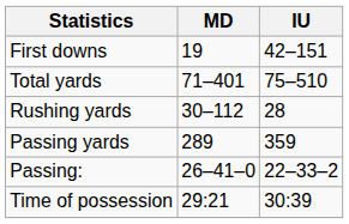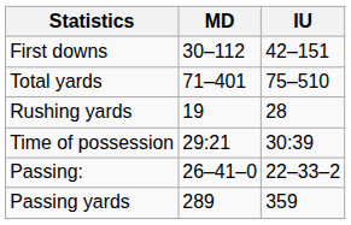 <table class="wikitable" style="float: left;">
 <tr>
 <th>Statistics</th>
 <th>MD</th>
 <th>IU</th>
 </tr>
 <tr>
 <td>First downs</td>
-<td>19</td>
+<td>30–112</td>
 <td>42–151</td>
 </tr>
 <tr>
 <td>Total yards</td>
 <td>71–401</td>
 <td>75–510</td>
 </tr>
 <tr>
 <td>Rushing yards</td>
-<td>30–112</td>
+<td>19</td>
 <td>28</td>
+</tr>
+<tr>
+<td>Time of possession</td>
+<td>29:21</td>
+<td>30:39</td>
+</tr>
+<tr>
+<td>Passing:</td>
+<td>26–41–0</td>
+<td>22–33–2</td>
 </tr>
 <tr>
 <td>Passing yards</td>
 <td>289</td>
 <td>359</td>
 </tr>
 <tr>
-<td>Passing:</td>
-<td>26–41–0</td>
-<td>22–33–2</td>
-</tr>
-<tr>
-<td>Time of possession</td>
-<td>29:21</td>
-<td>30:39</td>
-</tr>
-<tr>
 </tr>
 </table>
